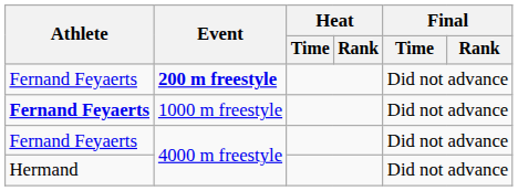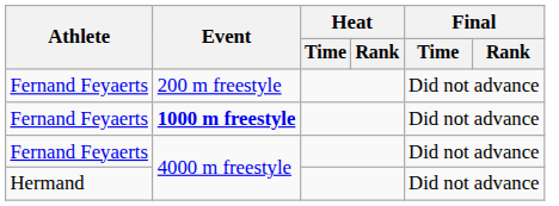 <table class=wikitable style=font-size:90%;text-align:center>
 <tr>
 <th rowspan=2>Athlete</th>
 <th rowspan=2>Event</th>
 <th colspan=2>Heat</th>
 <th colspan=2>Final</th>
 </tr>
 <tr style=font-size:95%>
 <th>Time</th>
 <th>Rank</th>
 <th>Time</th>
 <th>Rank</th>
 </tr>
 <tr>
 <td align=left><a href='#'>Fernand Feyaerts</a></td>
-<td align="left"><strong><a href='#'>200 m freestyle</a></strong></td>
+<td align="left"><a href='#'>200 m freestyle</a></td>
 <td colspan=2></td>
 <td colspan=2>Did not advance</td>
 </tr>
 <tr>
-<td align="left"><strong><a href='#'>Fernand Feyaerts</a></strong></td>
-<td align="left"><a href='#'>1000 m freestyle</a></td>
+<td align="left"><a href='#'>Fernand Feyaerts</a></td>
+<td align="left"><strong><a href='#'>1000 m freestyle</a></strong></td>
 <td colspan=2></td>
 <td colspan=2>Did not advance</td>
 </tr>
 <tr>
 <td align="left"><a href='#'>Fernand Feyaerts</a></td>
 <td rowspan="2" align="left"><a href='#'>4000 m freestyle</a></td>
 <td colspan=2></td>
 <td colspan=2>Did not advance</td>
 </tr>
 <tr>
 <td align="left">Hermand</td>
 <td colspan="2"></td>
 <td colspan="2">Did not advance</td>
 </tr>
 </table>
